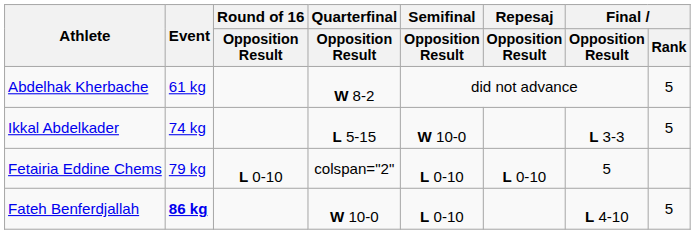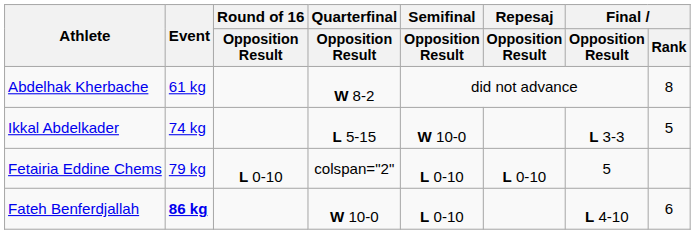 <table class=wikitable style=font-size:90%;text-align:center>
 <tr>
 <th rowspan=2>Athlete</th>
 <th rowspan=2>Event</th>
 <th>Round of 16</th>
 <th>Quarterfinal</th>
 <th>Semifinal</th>
 <th>Repesaj</th>
 <th colspan=2>Final / </th>
 </tr>
 <tr style=font-size:95%>
 <th>Opposition<br>Result</th>
 <th>Opposition<br>Result</th>
 <th>Opposition<br>Result</th>
 <th>Opposition<br>Result</th>
 <th>Opposition<br>Result</th>
 <th>Rank</th>
 </tr>
 <tr>
 <td align=left><a href='#'>Abdelhak Kherbache</a></td>
 <td align=left><a href='#'>61 kg</a></td>
 <td></td>
 <td><br><strong>W</strong> 8-2</td>
 <td colspan="3">did not advance</td>
-<td>5</td>
+<td>8</td>
 </tr>
 <tr>
 <td align=left><a href='#'>Ikkal Abdelkader</a></td>
 <td align=left><a href='#'>74 kg</a></td>
 <td></td>
 <td><br><strong>L</strong> 5-15</td>
 <td><br><strong>W</strong> 10-0</td>
 <td></td>
 <td><br><strong>L</strong> 3-3</td>
 <td>5</td>
 </tr>
 <tr>
 <td align=left><a href='#'>Fetairia Eddine Chems</a></td>
 <td align=left><a href='#'>79 kg</a></td>
 <td><br><strong>L</strong> 0-10</td>
 <td>colspan="2" </td>
 <td><br><strong>L</strong> 0-10</td>
 <td><br><strong>L</strong> 0-10</td>
 <td>5</td>
 </tr>
 <tr>
 <td align=left><a href='#'>Fateh Benferdjallah</a></td>
 <td align=left><strong><a href='#'>86 kg</a></strong></td>
 <td></td>
 <td><br><strong>W</strong> 10-0</td>
 <td><br><strong>L</strong> 0-10</td>
 <td></td>
 <td><br><strong>L</strong> 4-10</td>
-<td>5</td>
+<td>6</td>
 </tr>
 </table>
